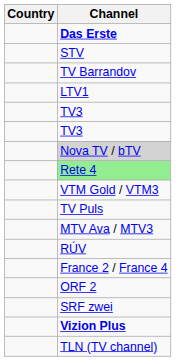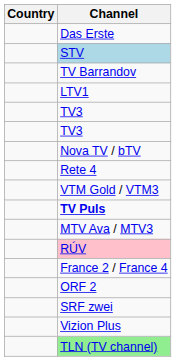 <table class=wikitable>
 <tr>
 <th>Country</th>
 <th>Channel</th>
 </tr>
 <tr>
 <td></td>
-<td><strong><a href='#'>Das Erste</a></strong></td>
+<td><a href='#'>Das Erste</a></td>
 </tr>
 <tr>
 <td></td>
-<td><a href='#'>STV</a></td>
+<td style="background: lightblue;"><a href='#'>STV</a></td>
 </tr>
 <tr>
 <td></td>
 <td><a href='#'>TV Barrandov</a></td>
 </tr>
 <tr>
 <td></td>
 <td><a href='#'>LTV1</a></td>
 </tr>
 <tr>
 <td></td>
 <td><a href='#'>TV3</a></td>
 </tr>
 <tr>
 <td></td>
 <td><a href='#'>TV3</a></td>
 </tr>
 <tr>
 <td></td>
-<td style="background: lightgrey;"><a href='#'>Nova TV</a> / <a href='#'>bTV</a></td>
+<td><a href='#'>Nova TV</a> / <a href='#'>bTV</a></td>
 </tr>
 <tr>
 <td></td>
-<td style="background: lightgreen;"><a href='#'>Rete 4</a></td>
+<td><a href='#'>Rete 4</a></td>
 </tr>
 <tr>
 <td></td>
 <td><a href='#'>VTM Gold</a> / <a href='#'>VTM3</a></td>
 </tr>
 <tr>
 <td></td>
-<td><a href='#'>TV Puls</a></td>
+<td><strong><a href='#'>TV Puls</a></strong></td>
 </tr>
 <tr>
 <td></td>
 <td><a href='#'>MTV Ava</a> / <a href='#'>MTV3</a></td>
 </tr>
 <tr>
 <td></td>
-<td><a href='#'>RÚV</a></td>
+<td style="background: pink;"><a href='#'>RÚV</a></td>
 </tr>
 <tr>
 <td></td>
 <td><a href='#'>France 2</a> / <a href='#'>France 4</a></td>
 </tr>
 <tr>
 <td></td>
 <td><a href='#'>ORF 2</a></td>
 </tr>
 <tr>
 <td></td>
 <td><a href='#'>SRF zwei</a></td>
 </tr>
 <tr>
 <td></td>
-<td><strong><a href='#'>Vizion Plus</a></strong></td>
+<td><a href='#'>Vizion Plus</a></td>
 </tr>
 <tr>
 <td></td>
-<td><a href='#'>TLN (TV channel)</a></td>
+<td style="background: lightgreen;"><a href='#'>TLN (TV channel)</a></td>
 </tr>
 </table>
